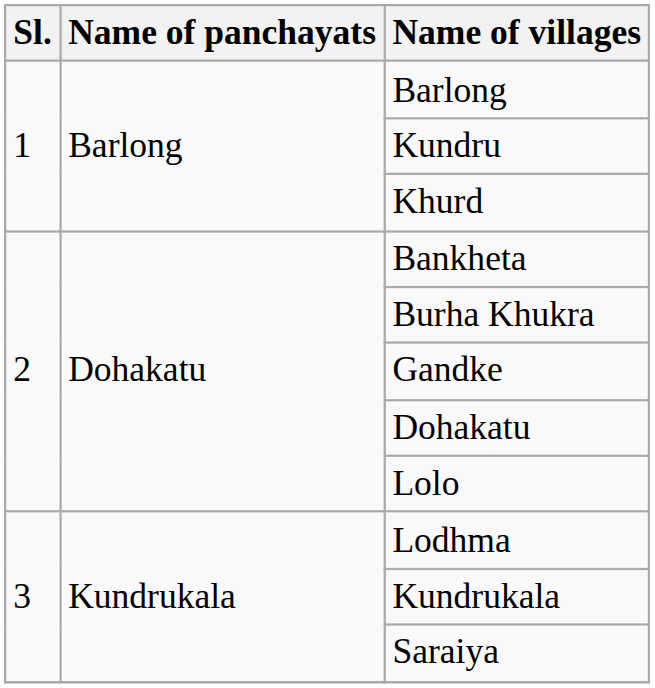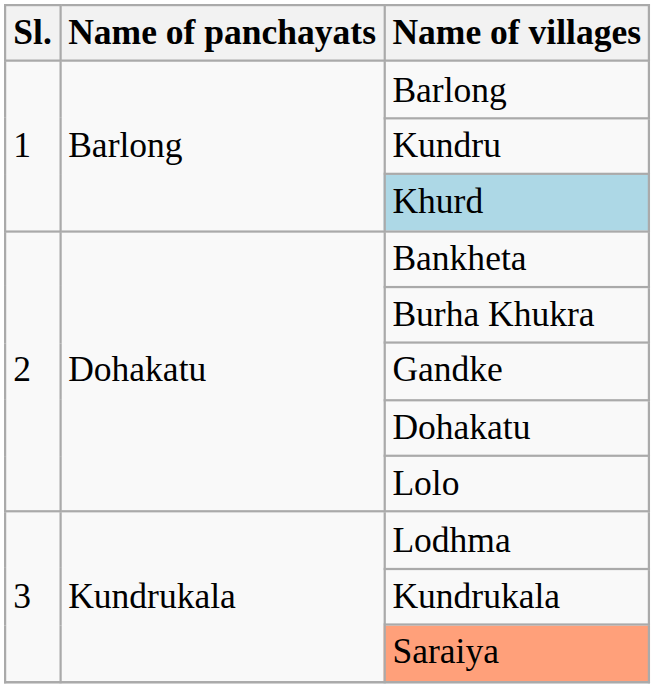 <table class="wikitable plainrowheaders sortable">
 <tr>
 <th scope="col">Sl.</th>
 <th scope="col">Name of panchayats</th>
 <th scope="col">Name of villages</th>
 </tr>
 <tr>
 <td rowspan="3">1</td>
 <td rowspan="3">Barlong</td>
 <td>Barlong</td>
 </tr>
 <tr>
 <td>Kundru</td>
 </tr>
 <tr>
-<td>Khurd</td>
+<td style="background: lightblue;">Khurd</td>
 </tr>
 <tr>
 <td rowspan="5">2</td>
 <td rowspan="5">Dohakatu</td>
 <td>Bankheta</td>
 </tr>
 <tr>
 <td>Burha Khukra</td>
 </tr>
 <tr>
 <td>Gandke</td>
 </tr>
 <tr>
 <td>Dohakatu</td>
 </tr>
 <tr>
 <td>Lolo</td>
 </tr>
 <tr>
 <td rowspan="3">3</td>
 <td rowspan="3">Kundrukala</td>
 <td>Lodhma</td>
 </tr>
 <tr>
 <td>Kundrukala</td>
 </tr>
 <tr>
-<td>Saraiya</td>
+<td style="background: lightsalmon;">Saraiya</td>
 </tr>
 <tr>
 </tr>
 </table>
